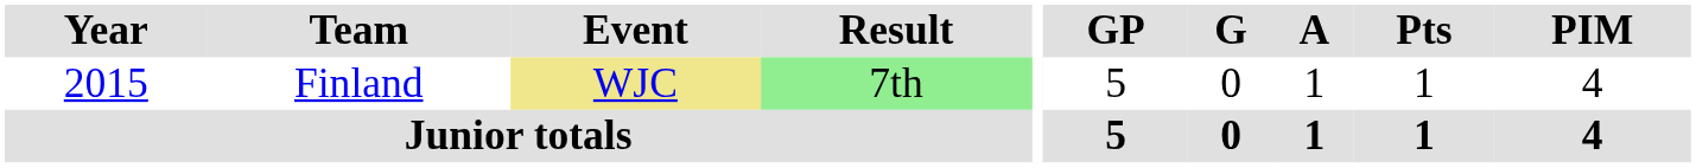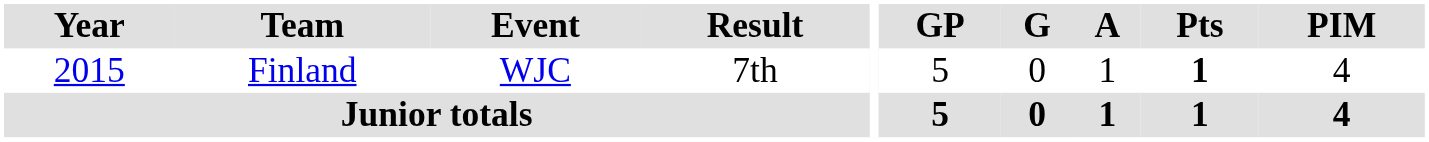 <table border="0" cellpadding="1" cellspacing="0" ID="Table3" style="text-align:center; width:40em">
 <tr ALIGN="center" bgcolor="#e0e0e0">
 <th>Year</th>
 <th>Team</th>
 <th>Event</th>
 <th>Result</th>
 <th rowspan="99" bgcolor="#ffffff"></th>
 <th>GP</th>
 <th>G</th>
 <th>A</th>
 <th>Pts</th>
 <th>PIM</th>
 </tr>
 <tr>
 <td><a href='#'>2015</a></td>
 <td><a href='#'>Finland</a></td>
-<td style="background: khaki;"><a href='#'>WJC</a></td>
-<td style="background: lightgreen;">7th</td>
+<td><a href='#'>WJC</a></td>
+<td>7th</td>
 <td>5</td>
 <td>0</td>
 <td>1</td>
-<td>1</td>
+<td><strong>1</strong></td>
 <td>4</td>
 </tr>
 <tr bgcolor="#e0e0e0">
 <th colspan="4">Junior totals</th>
 <th>5</th>
 <th>0</th>
 <th>1</th>
 <th>1</th>
 <th>4</th>
 </tr>
 </table>
